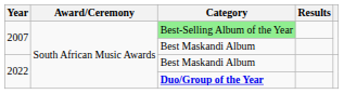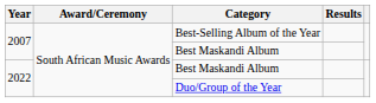 <table class="wikitable">
 <tr>
 <th>Year</th>
 <th>Award/Ceremony</th>
 <th>Category</th>
 <th>Results</th>
 <th></th>
 </tr>
 <tr>
 <td rowspan="2">2007</td>
 <td rowspan="4">South African Music Awards</td>
-<td style="background: lightgreen;">Best-Selling Album of the Year</td>
+<td>Best-Selling Album of the Year</td>
 <td></td>
 <td rowspan="2"></td>
 </tr>
 <tr>
 <td>Best Maskandi Album</td>
 <td></td>
 </tr>
 <tr>
 <td rowspan="2">2022</td>
 <td>Best Maskandi Album</td>
 <td></td>
 <td rowspan="2"></td>
 </tr>
 <tr>
-<td><strong><a href='#'>Duo/Group of the Year</a></strong></td>
+<td><a href='#'>Duo/Group of the Year</a></td>
 <td></td>
 </tr>
 </table>
